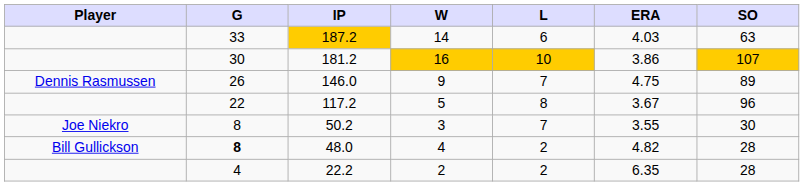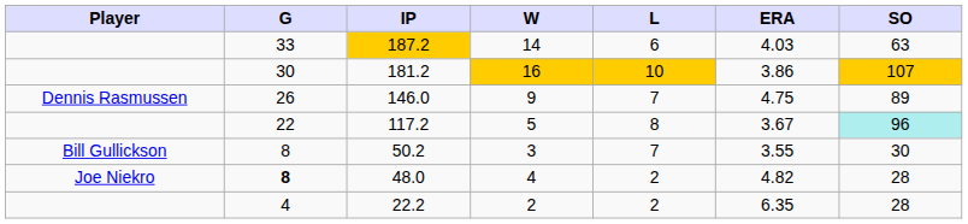 <table class="wikitable sortable">
 <tr>
 <th style="background:#ddf; width:16%;">Player</th>
 <th style="background:#ddf; width:9%;">G</th>
 <th style="background:#ddf; width:9%;">IP</th>
 <th style="background:#ddf; width:9%;">W</th>
 <th style="background:#ddf; width:9%;">L</th>
 <th style="background:#ddf; width:9%;">ERA</th>
 <th style="background:#ddf; width:9%;">SO</th>
 </tr>
 <tr style="text-align:center;">
 <td></td>
 <td>33</td>
 <td style="background:#fc0;">187.2</td>
 <td>14</td>
 <td>6</td>
 <td>4.03</td>
 <td>63</td>
 </tr>
 <tr style="text-align:center;">
 <td></td>
 <td>30</td>
 <td>181.2</td>
 <td style="background:#fc0;">16</td>
 <td style="background:#fc0;">10</td>
 <td>3.86</td>
 <td style="background:#fc0;">107</td>
 </tr>
 <tr style="text-align:center;">
 <td><a href='#'>Dennis Rasmussen</a></td>
 <td>26</td>
 <td>146.0</td>
 <td>9</td>
 <td>7</td>
 <td>4.75</td>
 <td>89</td>
 </tr>
 <tr align="center">
 <td></td>
 <td>22</td>
 <td>117.2</td>
 <td>5</td>
 <td>8</td>
 <td>3.67</td>
-<td>96</td>
+<td style="background: paleturquoise;">96</td>
 </tr>
 <tr style="text-align:center;">
-<td><a href='#'>Joe Niekro</a></td>
+<td><a href='#'>Bill Gullickson</a></td>
 <td>8</td>
 <td>50.2</td>
 <td>3</td>
 <td>7</td>
 <td>3.55</td>
 <td>30</td>
 </tr>
 <tr align="center">
-<td><a href='#'>Bill Gullickson</a></td>
+<td><a href='#'>Joe Niekro</a></td>
 <td><strong>8</strong></td>
 <td>48.0</td>
 <td>4</td>
 <td>2</td>
 <td>4.82</td>
 <td>28</td>
 </tr>
 <tr align="center">
 <td></td>
 <td>4</td>
 <td>22.2</td>
 <td>2</td>
 <td>2</td>
 <td>6.35</td>
 <td>28</td>
 </tr>
 </table>
